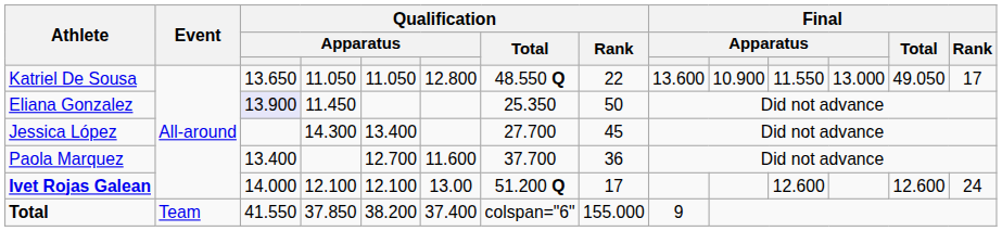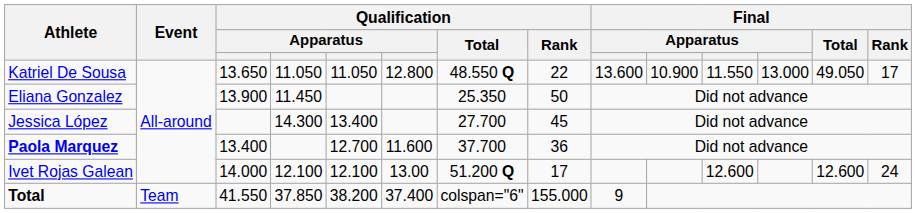 <table class="wikitable" style="font-size:90%">
 <tr>
 <th rowspan=3>Athlete</th>
 <th rowspan=3>Event</th>
 <th colspan=6>Qualification</th>
 <th colspan=6>Final</th>
 </tr>
 <tr style="font-size:95%">
 <th colspan=4>Apparatus</th>
 <th rowspan=2>Total</th>
 <th rowspan=2>Rank</th>
 <th colspan=4>Apparatus</th>
 <th rowspan=2>Total</th>
 <th rowspan=2>Rank</th>
 </tr>
 <tr style="font-size:95%">
 <th></th>
 <th></th>
 <th></th>
 <th></th>
 <th></th>
 <th></th>
 <th></th>
 <th></th>
 </tr>
 <tr align=center>
 <td align=left><a href='#'>Katriel De Sousa</a></td>
 <td style="text-align:left;" rowspan="5"><a href='#'>All-around</a></td>
 <td>13.650</td>
 <td>11.050</td>
 <td>11.050</td>
 <td>12.800</td>
 <td>48.550 <strong>Q</strong></td>
 <td>22</td>
 <td>13.600</td>
 <td>10.900</td>
 <td>11.550</td>
 <td>13.000</td>
 <td>49.050</td>
 <td>17</td>
 </tr>
 <tr align=center>
 <td align=left><a href='#'>Eliana Gonzalez</a></td>
-<td style="background: lavender;">13.900</td>
+<td>13.900</td>
 <td>11.450</td>
 <td></td>
 <td></td>
 <td>25.350</td>
 <td>50</td>
 <td colspan="6">Did not advance</td>
 </tr>
 <tr align=center>
 <td align=left><a href='#'>Jessica López</a></td>
 <td></td>
 <td>14.300</td>
 <td>13.400</td>
 <td></td>
 <td>27.700</td>
 <td>45</td>
 <td colspan="6">Did not advance</td>
 </tr>
 <tr align=center>
-<td align=left><a href='#'>Paola Marquez</a></td>
+<td align=left><strong><a href='#'>Paola Marquez</a></strong></td>
 <td>13.400</td>
 <td></td>
 <td>12.700</td>
 <td>11.600</td>
 <td>37.700</td>
 <td>36</td>
 <td colspan="6">Did not advance</td>
 </tr>
 <tr align=center>
-<td align=left><strong><a href='#'>Ivet Rojas Galean</a></strong></td>
+<td align=left><a href='#'>Ivet Rojas Galean</a></td>
 <td>14.000</td>
 <td>12.100</td>
 <td>12.100</td>
 <td>13.00</td>
 <td>51.200 <strong>Q</strong></td>
 <td>17</td>
 <td></td>
 <td></td>
 <td>12.600</td>
 <td></td>
 <td>12.600</td>
 <td>24</td>
 </tr>
 <tr align=center>
 <td align=left><strong>Total</strong></td>
 <td style="text-align:left;"><a href='#'>Team</a></td>
 <td>41.550</td>
 <td>37.850</td>
 <td>38.200</td>
 <td>37.400</td>
 <td>colspan="6" </td>
 <td>155.000</td>
 <td>9</td>
 </tr>
 </table>
